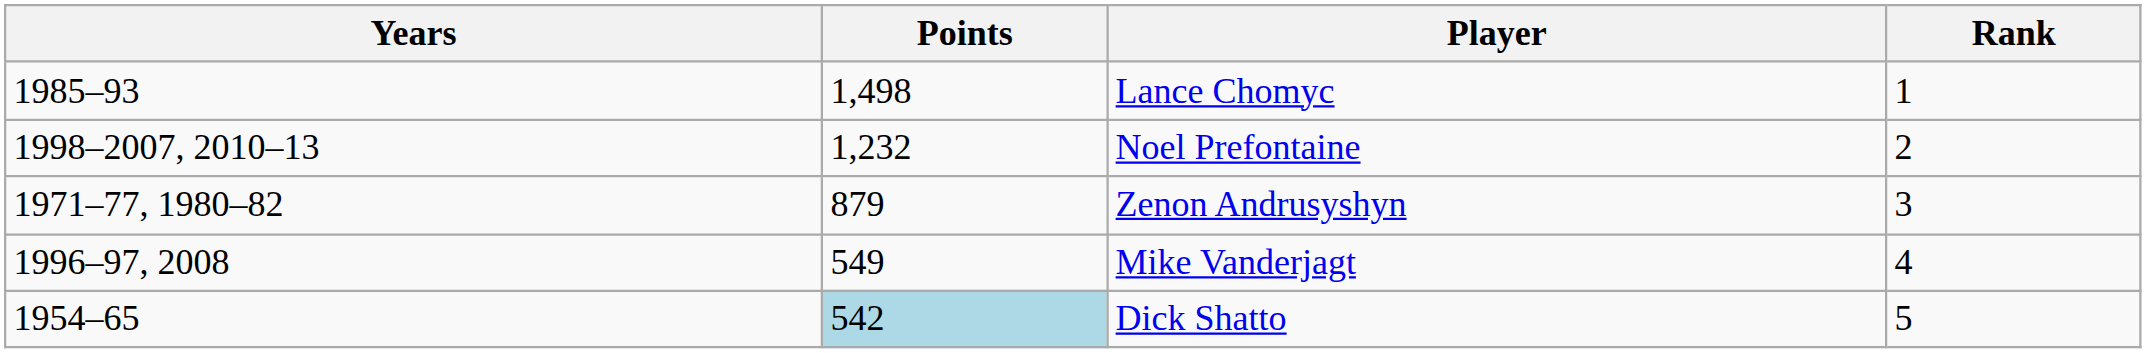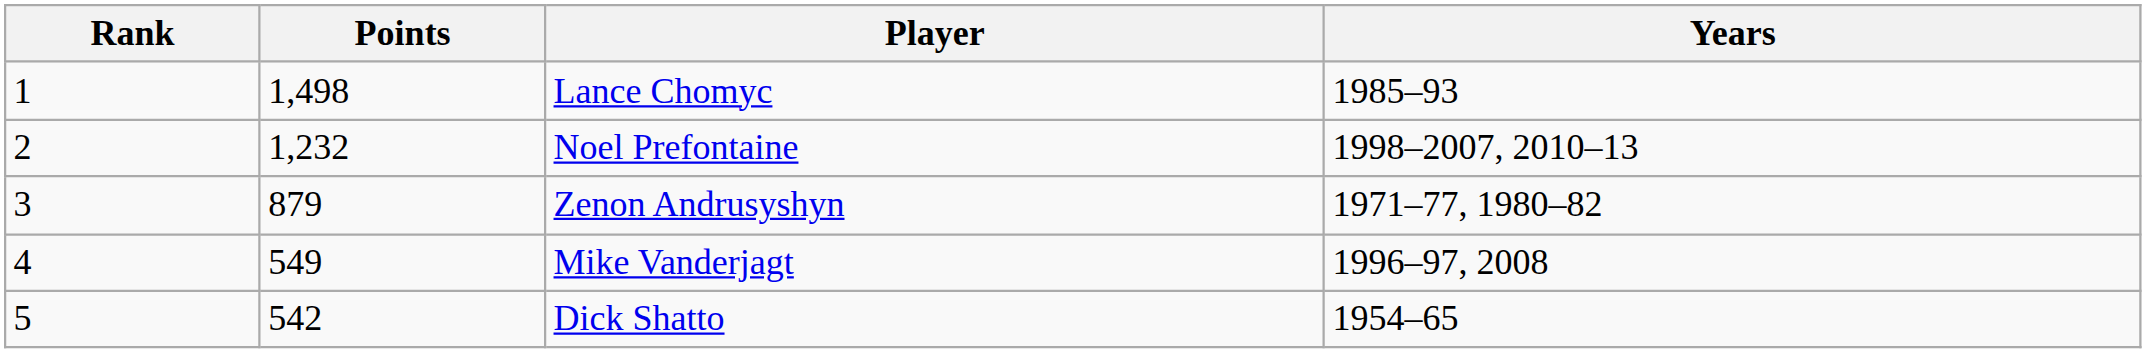 <table class="wikitable" style="width:60%;">
 <tr>
-<th>Years</th>
+<th>Rank</th>
 <th>Points</th>
 <th>Player</th>
-<th>Rank</th>
+<th>Years</th>
 </tr>
 <tr>
-<td>1985–93</td>
+<td>1</td>
 <td>1,498</td>
 <td><a href='#'>Lance Chomyc</a></td>
-<td>1</td>
+<td>1985–93</td>
 </tr>
 <tr>
-<td>1998–2007, 2010–13</td>
+<td>2</td>
 <td>1,232</td>
 <td><a href='#'>Noel Prefontaine</a></td>
-<td>2</td>
+<td>1998–2007, 2010–13</td>
 </tr>
 <tr>
-<td>1971–77, 1980–82</td>
+<td>3</td>
 <td>879</td>
 <td><a href='#'>Zenon Andrusyshyn</a></td>
-<td>3</td>
+<td>1971–77, 1980–82</td>
 </tr>
 <tr>
-<td>1996–97, 2008</td>
+<td>4</td>
 <td>549</td>
 <td><a href='#'>Mike Vanderjagt</a></td>
-<td>4</td>
+<td>1996–97, 2008</td>
 </tr>
 <tr>
+<td>5</td>
+<td>542</td>
+<td><a href='#'>Dick Shatto</a></td>
 <td>1954–65</td>
-<td style="background: lightblue;">542</td>
-<td><a href='#'>Dick Shatto</a></td>
-<td>5</td>
 </tr>
 </table>
